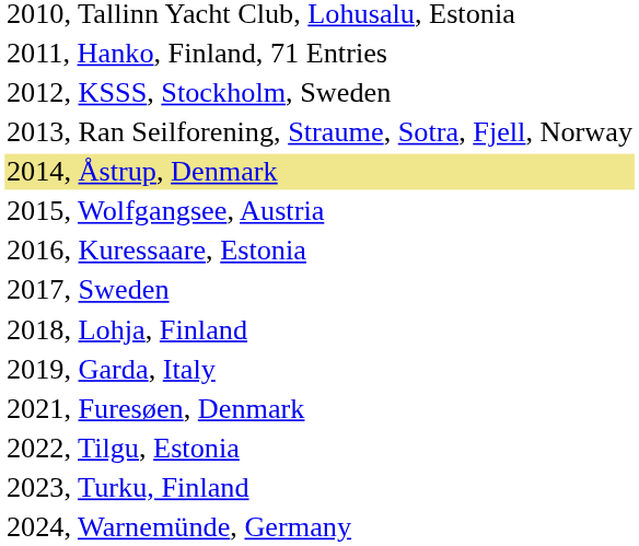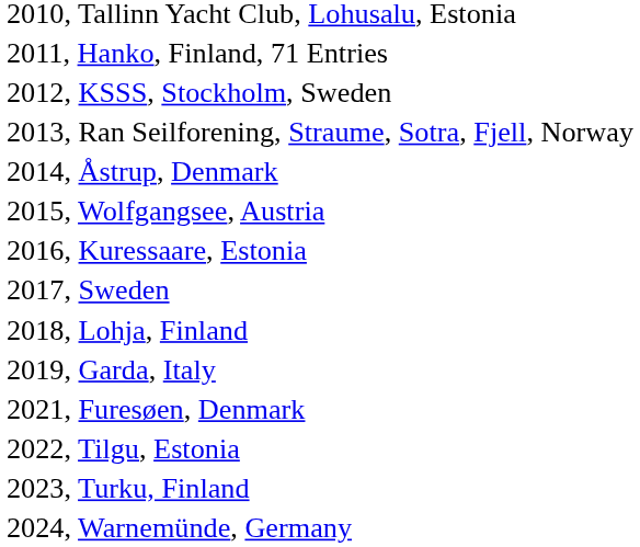 <table>
 <tr>
 <td>2010, Tallinn Yacht Club, <a href='#'>Lohusalu</a>, Estonia</td>
 <td></td>
 <td></td>
 <td></td>
 </tr>
 <tr>
 <td>2011, <a href='#'>Hanko</a>, Finland, 71 Entries</td>
 <td></td>
 <td></td>
 <td></td>
 </tr>
 <tr>
 <td>2012, <a href='#'>KSSS</a>, <a href='#'>Stockholm</a>, Sweden</td>
 <td></td>
 <td></td>
 <td></td>
 </tr>
 <tr>
 <td>2013, Ran Seilforening, <a href='#'>Straume</a>, <a href='#'>Sotra</a>, <a href='#'>Fjell</a>, Norway</td>
 <td></td>
 <td></td>
 <td></td>
 </tr>
 <tr>
-<td style="background: khaki;">2014, <a href='#'>Åstrup</a>, <a href='#'>Denmark</a></td>
+<td>2014, <a href='#'>Åstrup</a>, <a href='#'>Denmark</a></td>
 <td></td>
 <td></td>
 <td></td>
 </tr>
 <tr>
 <td>2015, <a href='#'>Wolfgangsee</a>, <a href='#'>Austria</a></td>
 <td></td>
 <td></td>
 <td></td>
 </tr>
 <tr>
 <td>2016, <a href='#'>Kuressaare</a>, <a href='#'>Estonia</a></td>
 <td></td>
 <td></td>
 <td></td>
 </tr>
 <tr>
 <td>2017,  <a href='#'>Sweden</a></td>
 <td></td>
 <td></td>
 <td></td>
 </tr>
 <tr>
 <td>2018, <a href='#'>Lohja</a>, <a href='#'>Finland</a></td>
 <td></td>
 <td></td>
 <td></td>
 </tr>
 <tr>
 <td>2019, <a href='#'>Garda</a>, <a href='#'>Italy</a></td>
 <td></td>
 <td></td>
 <td></td>
 </tr>
 <tr>
 <td>2021, <a href='#'>Furesøen</a>, <a href='#'>Denmark</a></td>
 <td></td>
 <td></td>
 <td></td>
 </tr>
 <tr>
 <td>2022, <a href='#'>Tilgu</a>, <a href='#'>Estonia</a></td>
 <td></td>
 <td></td>
 <td></td>
 </tr>
 <tr>
 <td>2023,  <a href='#'>Turku, Finland</a></td>
 <td></td>
 <td></td>
 <td></td>
 </tr>
 <tr>
 <td>2024, <a href='#'>Warnemünde</a>, <a href='#'>Germany</a></td>
 <td></td>
 <td></td>
 <td></td>
 </tr>
 </table>
